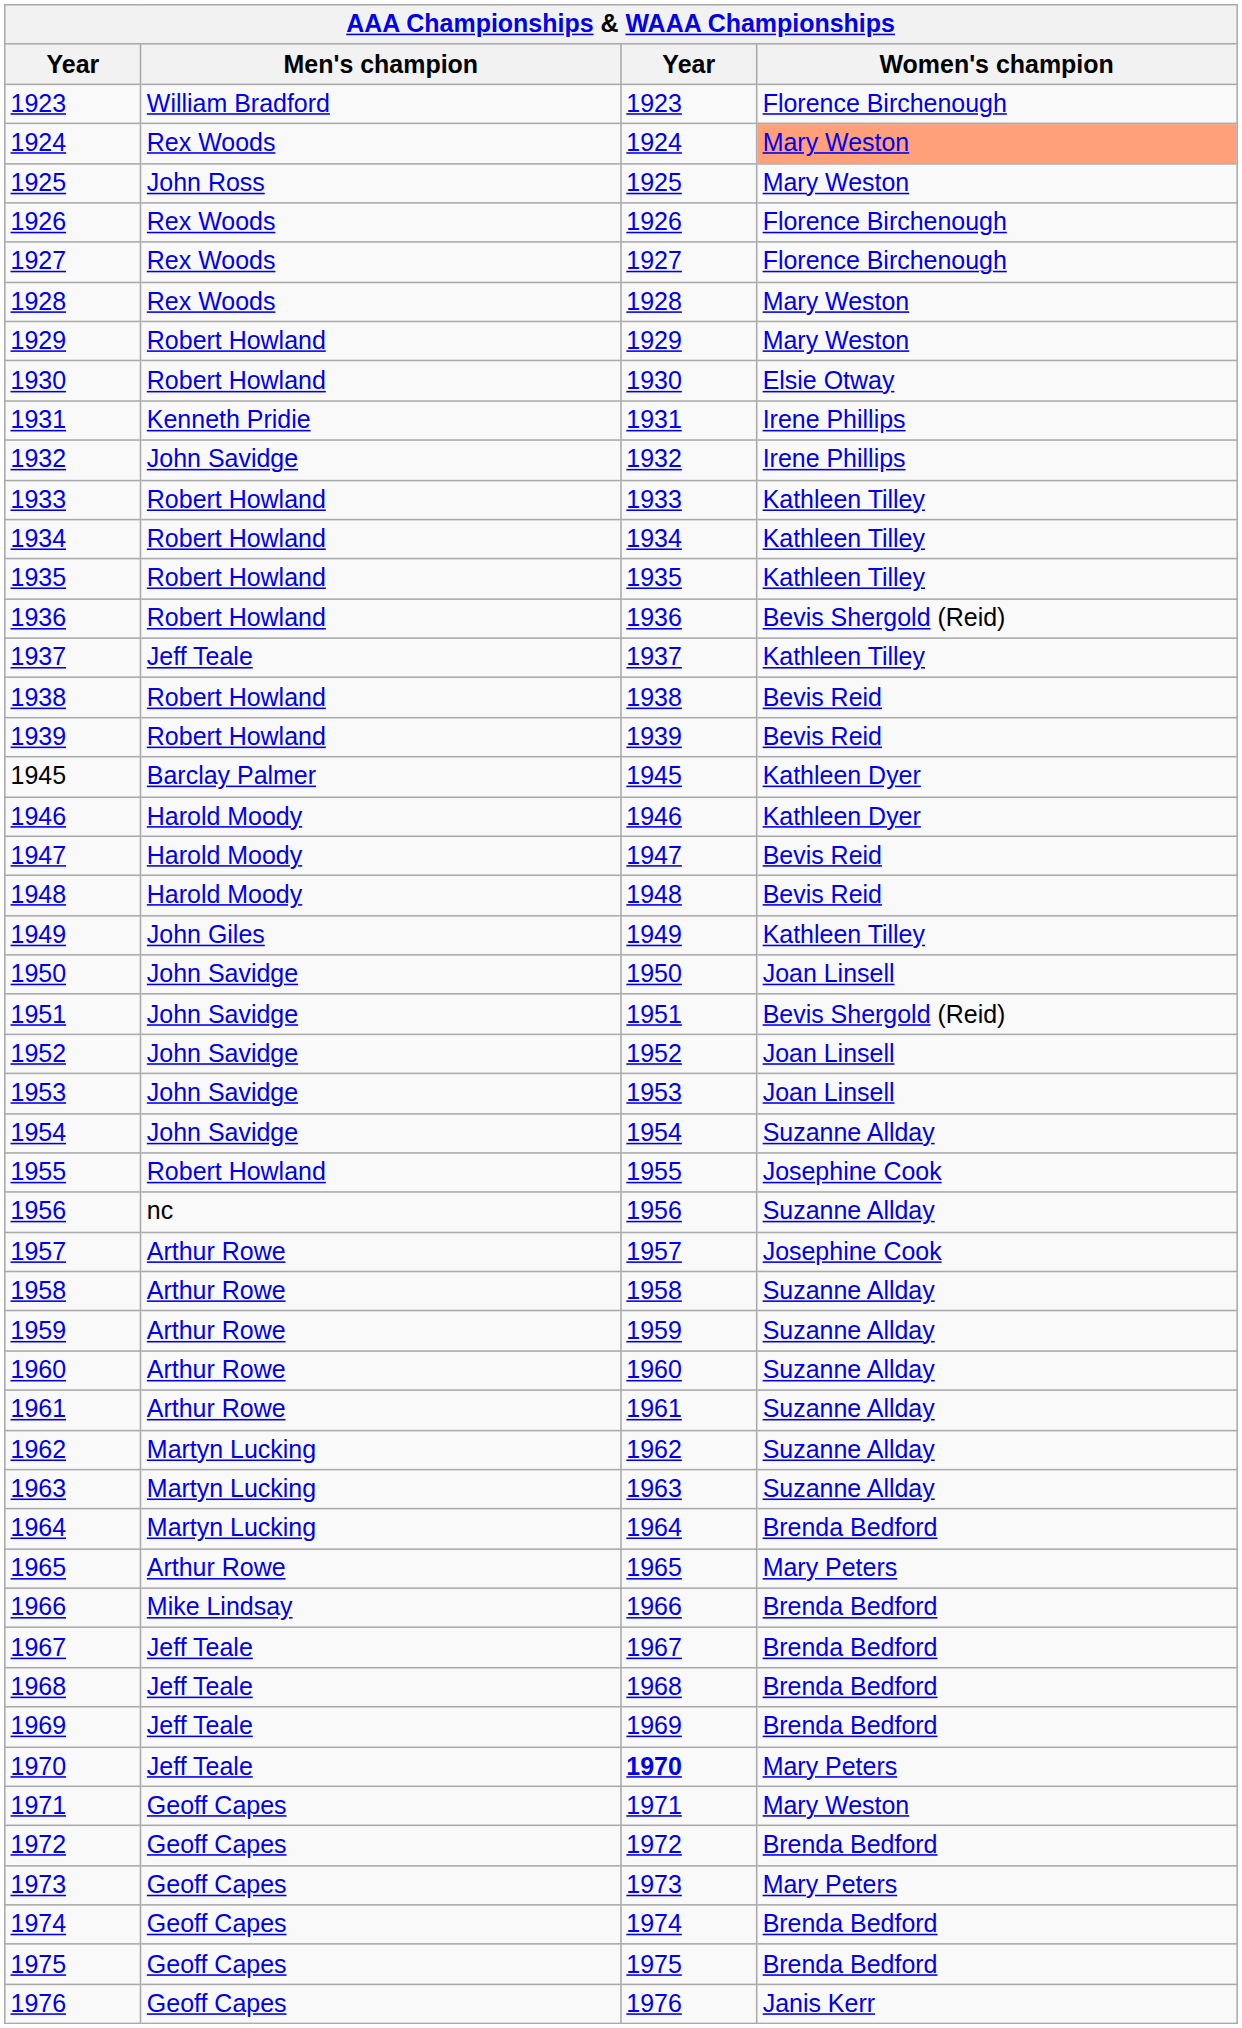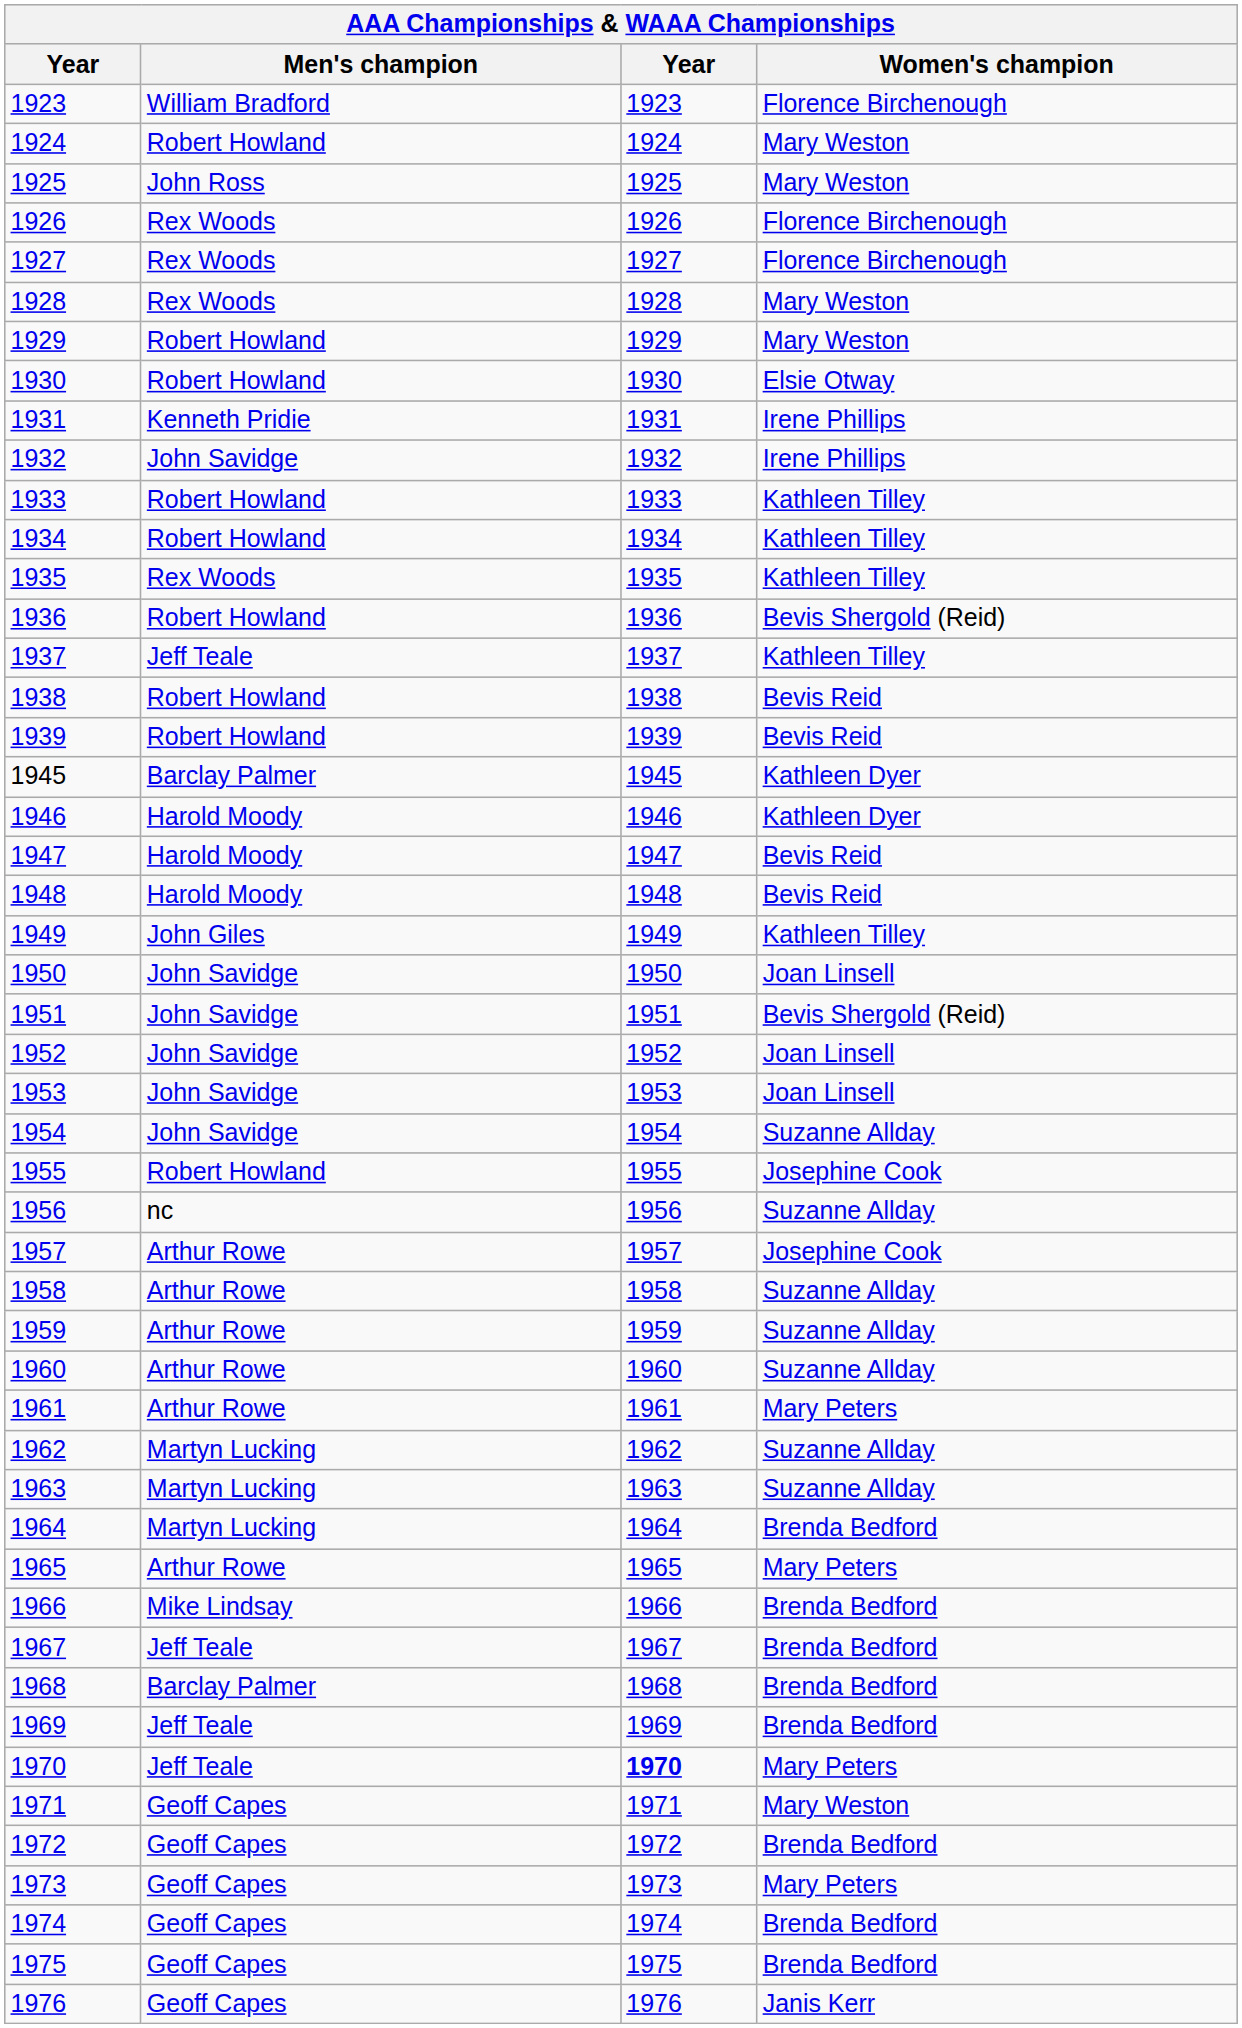 <table class="wikitable">
 <tr>
 <th colspan="4"><a href='#'>AAA Championships</a> & <a href='#'>WAAA Championships</a></th>
 </tr>
 <tr>
 <th width=80>Year</th>
 <th width=300>Men's champion</th>
 <th width=80>Year</th>
 <th width=300>Women's champion</th>
 </tr>
 <tr>
 <td><a href='#'>1923</a></td>
 <td><a href='#'>William Bradford</a></td>
 <td><a href='#'>1923</a></td>
 <td><a href='#'>Florence Birchenough</a></td>
 </tr>
 <tr>
 <td><a href='#'>1924</a></td>
-<td><a href='#'>Rex Woods</a></td>
+<td><a href='#'>Robert Howland</a></td>
 <td><a href='#'>1924</a></td>
-<td style="background: lightsalmon;"><a href='#'>Mary Weston</a></td>
+<td><a href='#'>Mary Weston</a></td>
 </tr>
 <tr>
 <td><a href='#'>1925</a></td>
 <td><a href='#'>John Ross</a></td>
 <td><a href='#'>1925</a></td>
 <td><a href='#'>Mary Weston</a></td>
 </tr>
 <tr>
 <td><a href='#'>1926</a></td>
 <td><a href='#'>Rex Woods</a></td>
 <td><a href='#'>1926</a></td>
 <td><a href='#'>Florence Birchenough</a></td>
 </tr>
 <tr>
 <td><a href='#'>1927</a></td>
 <td><a href='#'>Rex Woods</a></td>
 <td><a href='#'>1927</a></td>
 <td><a href='#'>Florence Birchenough</a></td>
 </tr>
 <tr>
 <td><a href='#'>1928</a></td>
 <td><a href='#'>Rex Woods</a></td>
 <td><a href='#'>1928</a></td>
 <td><a href='#'>Mary Weston</a></td>
 </tr>
 <tr>
 <td><a href='#'>1929</a></td>
 <td><a href='#'>Robert Howland</a></td>
 <td><a href='#'>1929</a></td>
 <td><a href='#'>Mary Weston</a></td>
 </tr>
 <tr>
 <td><a href='#'>1930</a></td>
 <td><a href='#'>Robert Howland</a></td>
 <td><a href='#'>1930</a></td>
 <td><a href='#'>Elsie Otway</a></td>
 </tr>
 <tr>
 <td><a href='#'>1931</a></td>
 <td><a href='#'>Kenneth Pridie</a></td>
 <td><a href='#'>1931</a></td>
 <td><a href='#'>Irene Phillips</a></td>
 </tr>
 <tr>
 <td><a href='#'>1932</a></td>
 <td><a href='#'>John Savidge</a></td>
 <td><a href='#'>1932</a></td>
 <td><a href='#'>Irene Phillips</a></td>
 </tr>
 <tr>
 <td><a href='#'>1933</a></td>
 <td><a href='#'>Robert Howland</a></td>
 <td><a href='#'>1933</a></td>
 <td><a href='#'>Kathleen Tilley</a></td>
 </tr>
 <tr>
 <td><a href='#'>1934</a></td>
 <td><a href='#'>Robert Howland</a></td>
 <td><a href='#'>1934</a></td>
 <td><a href='#'>Kathleen Tilley</a></td>
 </tr>
 <tr>
 <td><a href='#'>1935</a></td>
-<td><a href='#'>Robert Howland</a></td>
+<td><a href='#'>Rex Woods</a></td>
 <td><a href='#'>1935</a></td>
 <td><a href='#'>Kathleen Tilley</a></td>
 </tr>
 <tr>
 <td><a href='#'>1936</a></td>
 <td><a href='#'>Robert Howland</a></td>
 <td><a href='#'>1936</a></td>
 <td><a href='#'>Bevis Shergold</a> (Reid)</td>
 </tr>
 <tr>
 <td><a href='#'>1937</a></td>
 <td><a href='#'>Jeff Teale</a></td>
 <td><a href='#'>1937</a></td>
 <td><a href='#'>Kathleen Tilley</a></td>
 </tr>
 <tr>
 <td><a href='#'>1938</a></td>
 <td><a href='#'>Robert Howland</a></td>
 <td><a href='#'>1938</a></td>
 <td><a href='#'>Bevis Reid</a></td>
 </tr>
 <tr>
 <td><a href='#'>1939</a></td>
 <td><a href='#'>Robert Howland</a></td>
 <td><a href='#'>1939</a></td>
 <td><a href='#'>Bevis Reid</a></td>
 </tr>
 <tr>
 <td>1945</td>
 <td><a href='#'>Barclay Palmer</a></td>
 <td><a href='#'>1945</a></td>
 <td><a href='#'>Kathleen Dyer</a></td>
 </tr>
 <tr>
 <td><a href='#'>1946</a></td>
 <td><a href='#'>Harold Moody</a></td>
 <td><a href='#'>1946</a></td>
 <td><a href='#'>Kathleen Dyer</a></td>
 </tr>
 <tr>
 <td><a href='#'>1947</a></td>
 <td><a href='#'>Harold Moody</a></td>
 <td><a href='#'>1947</a></td>
 <td><a href='#'>Bevis Reid</a></td>
 </tr>
 <tr>
 <td><a href='#'>1948</a></td>
 <td><a href='#'>Harold Moody</a></td>
 <td><a href='#'>1948</a></td>
 <td><a href='#'>Bevis Reid</a></td>
 </tr>
 <tr>
 <td><a href='#'>1949</a></td>
 <td><a href='#'>John Giles</a></td>
 <td><a href='#'>1949</a></td>
 <td><a href='#'>Kathleen Tilley</a></td>
 </tr>
 <tr>
 <td><a href='#'>1950</a></td>
 <td><a href='#'>John Savidge</a></td>
 <td><a href='#'>1950</a></td>
 <td><a href='#'>Joan Linsell</a></td>
 </tr>
 <tr>
 <td><a href='#'>1951</a></td>
 <td><a href='#'>John Savidge</a></td>
 <td><a href='#'>1951</a></td>
 <td><a href='#'>Bevis Shergold</a> (Reid)</td>
 </tr>
 <tr>
 <td><a href='#'>1952</a></td>
 <td><a href='#'>John Savidge</a></td>
 <td><a href='#'>1952</a></td>
 <td><a href='#'>Joan Linsell</a></td>
 </tr>
 <tr>
 <td><a href='#'>1953</a></td>
 <td><a href='#'>John Savidge</a></td>
 <td><a href='#'>1953</a></td>
 <td><a href='#'>Joan Linsell</a></td>
 </tr>
 <tr>
 <td><a href='#'>1954</a></td>
 <td><a href='#'>John Savidge</a></td>
 <td><a href='#'>1954</a></td>
 <td><a href='#'>Suzanne Allday</a></td>
 </tr>
 <tr>
 <td><a href='#'>1955</a></td>
 <td><a href='#'>Robert Howland</a></td>
 <td><a href='#'>1955</a></td>
 <td><a href='#'>Josephine Cook</a></td>
 </tr>
 <tr>
 <td><a href='#'>1956</a></td>
 <td>nc</td>
 <td><a href='#'>1956</a></td>
 <td><a href='#'>Suzanne Allday</a></td>
 </tr>
 <tr>
 <td><a href='#'>1957</a></td>
 <td><a href='#'>Arthur Rowe</a></td>
 <td><a href='#'>1957</a></td>
 <td><a href='#'>Josephine Cook</a></td>
 </tr>
 <tr>
 <td><a href='#'>1958</a></td>
 <td><a href='#'>Arthur Rowe</a></td>
 <td><a href='#'>1958</a></td>
 <td><a href='#'>Suzanne Allday</a></td>
 </tr>
 <tr>
 <td><a href='#'>1959</a></td>
 <td><a href='#'>Arthur Rowe</a></td>
 <td><a href='#'>1959</a></td>
 <td><a href='#'>Suzanne Allday</a></td>
 </tr>
 <tr>
 <td><a href='#'>1960</a></td>
 <td><a href='#'>Arthur Rowe</a></td>
 <td><a href='#'>1960</a></td>
 <td><a href='#'>Suzanne Allday</a></td>
 </tr>
 <tr>
 <td><a href='#'>1961</a></td>
 <td><a href='#'>Arthur Rowe</a></td>
 <td><a href='#'>1961</a></td>
-<td><a href='#'>Suzanne Allday</a></td>
+<td><a href='#'>Mary Peters</a></td>
 </tr>
 <tr>
 <td><a href='#'>1962</a></td>
 <td><a href='#'>Martyn Lucking</a></td>
 <td><a href='#'>1962</a></td>
 <td><a href='#'>Suzanne Allday</a></td>
 </tr>
 <tr>
 <td><a href='#'>1963</a></td>
 <td><a href='#'>Martyn Lucking</a></td>
 <td><a href='#'>1963</a></td>
 <td><a href='#'>Suzanne Allday</a></td>
 </tr>
 <tr>
 <td><a href='#'>1964</a></td>
 <td><a href='#'>Martyn Lucking</a></td>
 <td><a href='#'>1964</a></td>
 <td><a href='#'>Brenda Bedford</a></td>
 </tr>
 <tr>
 <td><a href='#'>1965</a></td>
 <td><a href='#'>Arthur Rowe</a></td>
 <td><a href='#'>1965</a></td>
 <td><a href='#'>Mary Peters</a></td>
 </tr>
 <tr>
 <td><a href='#'>1966</a></td>
 <td><a href='#'>Mike Lindsay</a></td>
 <td><a href='#'>1966</a></td>
 <td><a href='#'>Brenda Bedford</a></td>
 </tr>
 <tr>
 <td><a href='#'>1967</a></td>
 <td><a href='#'>Jeff Teale</a></td>
 <td><a href='#'>1967</a></td>
 <td><a href='#'>Brenda Bedford</a></td>
 </tr>
 <tr>
 <td><a href='#'>1968</a></td>
-<td><a href='#'>Jeff Teale</a></td>
+<td><a href='#'>Barclay Palmer</a></td>
 <td><a href='#'>1968</a></td>
 <td><a href='#'>Brenda Bedford</a></td>
 </tr>
 <tr>
 <td><a href='#'>1969</a></td>
 <td><a href='#'>Jeff Teale</a></td>
 <td><a href='#'>1969</a></td>
 <td><a href='#'>Brenda Bedford</a></td>
 </tr>
 <tr>
 <td><a href='#'>1970</a></td>
 <td><a href='#'>Jeff Teale</a></td>
 <td><strong><a href='#'>1970</a></strong></td>
 <td><a href='#'>Mary Peters</a></td>
 </tr>
 <tr>
 <td><a href='#'>1971</a></td>
 <td><a href='#'>Geoff Capes</a></td>
 <td><a href='#'>1971</a></td>
 <td><a href='#'>Mary Weston</a></td>
 </tr>
 <tr>
 <td><a href='#'>1972</a></td>
 <td><a href='#'>Geoff Capes</a></td>
 <td><a href='#'>1972</a></td>
 <td><a href='#'>Brenda Bedford</a></td>
 </tr>
 <tr>
 <td><a href='#'>1973</a></td>
 <td><a href='#'>Geoff Capes</a></td>
 <td><a href='#'>1973</a></td>
 <td><a href='#'>Mary Peters</a></td>
 </tr>
 <tr>
 <td><a href='#'>1974</a></td>
 <td><a href='#'>Geoff Capes</a></td>
 <td><a href='#'>1974</a></td>
 <td><a href='#'>Brenda Bedford</a></td>
 </tr>
 <tr>
 <td><a href='#'>1975</a></td>
 <td><a href='#'>Geoff Capes</a></td>
 <td><a href='#'>1975</a></td>
 <td><a href='#'>Brenda Bedford</a></td>
 </tr>
 <tr>
 <td><a href='#'>1976</a></td>
 <td><a href='#'>Geoff Capes</a></td>
 <td><a href='#'>1976</a></td>
 <td><a href='#'>Janis Kerr</a></td>
 </tr>
 </table>
